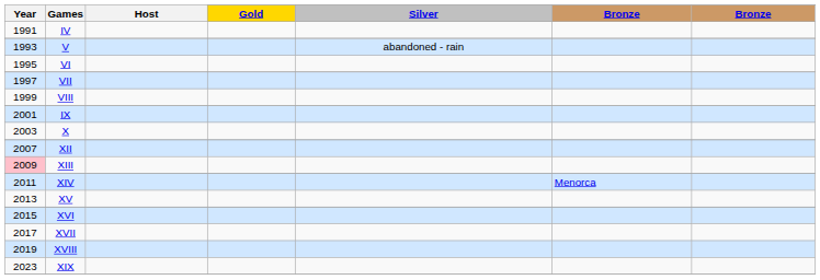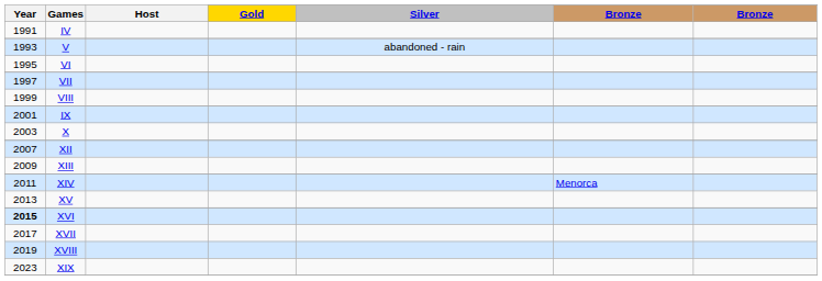 <table class="wikitable" style="text-align: center; font-size:95%;">
 <tr>
 <th rowspan="2" style="width:5%;">Year</th>
 <th rowspan="2" style="width:5%;">Games</th>
 <th rowspan="2" style="width:15%;">Host</th>
 </tr>
 <tr>
 <th style="background-color: gold"><a href='#'>Gold</a></th>
 <th style="background-color: silver"><a href='#'>Silver</a></th>
 <th style="background-color: #CC9966"><a href='#'>Bronze</a></th>
 <th style="background-color: #CC9966"><a href='#'>Bronze</a></th>
 </tr>
 <tr>
 <td>1991</td>
 <td align=center><a href='#'>IV</a></td>
 <td align="left"></td>
 <td align="left"></td>
 <td align="left"></td>
 <td align="left"></td>
 <td align="left"></td>
 </tr>
 <tr>
 </tr>
 <tr style="text-align:center; background:#d0e7ff;">
 <td>1993</td>
 <td align=center><a href='#'>V</a></td>
 <td align="left"></td>
 <td align="left"> <br> </td>
 <td>abandoned - rain</td>
 <td></td>
 <td></td>
 </tr>
 <tr>
 <td>1995</td>
 <td align=center><a href='#'>VI</a></td>
 <td align="left"></td>
 <td align="left"></td>
 <td align="left"></td>
 <td align="left"></td>
 <td align="left"></td>
 </tr>
 <tr>
 </tr>
 <tr style="text-align:center; background:#d0e7ff;">
 <td>1997</td>
 <td align=center><a href='#'>VII</a></td>
 <td align="left"></td>
 <td align="left"></td>
 <td align="left"></td>
 <td align="left"></td>
 <td align="left"></td>
 </tr>
 <tr>
 <td>1999</td>
 <td align=center><a href='#'>VIII</a></td>
 <td align="left"></td>
 <td align="left"></td>
 <td align="left"></td>
 <td align="left"></td>
 <td align="left"></td>
 </tr>
 <tr>
 </tr>
 <tr style="text-align:center; background:#d0e7ff;">
 <td>2001</td>
 <td align=center><a href='#'>IX</a></td>
 <td align="left"></td>
 <td align="left"> </td>
 <td align="left"> </td>
 <td align="left"> </td>
 <td align="left"> </td>
 </tr>
 <tr>
 <td>2003</td>
 <td align=center><a href='#'>X</a></td>
 <td align="left"></td>
 <td align="left"></td>
 <td align="left"></td>
 <td align="left"></td>
 <td align="left"></td>
 </tr>
 <tr>
 </tr>
 <tr style="text-align:center; background:#d0e7ff;">
 <td>2007</td>
 <td align=center><a href='#'>XII</a></td>
 <td align="left"></td>
 <td align="left"></td>
 <td align="left"></td>
 <td align="left"></td>
 <td align="left"></td>
 </tr>
 <tr>
-<td style="background: pink;">2009</td>
+<td>2009</td>
 <td align=center><a href='#'>XIII</a></td>
 <td align="left"></td>
 <td align="left"></td>
 <td align="left"></td>
 <td align="left"></td>
 <td align="left"></td>
 </tr>
 <tr>
 </tr>
 <tr style="text-align:center; background:#d0e7ff;">
 <td>2011</td>
 <td align=center><a href='#'>XIV</a></td>
 <td align="left"></td>
 <td align="left"></td>
 <td align="left"></td>
 <td align="left"> <a href='#'>Menorca</a></td>
 <td align="left"></td>
 </tr>
 <tr>
 <td>2013</td>
 <td align=center><a href='#'>XV</a></td>
 <td align="left"></td>
 <td align="left"></td>
 <td align="left"></td>
 <td align="left"></td>
 <td align="left"></td>
 </tr>
 <tr>
 </tr>
 <tr style="text-align:center; background:#d0e7ff;">
-<td>2015</td>
+<td><strong>2015</strong></td>
 <td align=center><a href='#'>XVI</a></td>
 <td align="left"></td>
 <td align="left"></td>
 <td align="left"></td>
 <td align="left"></td>
 <td align="left"></td>
 </tr>
 <tr>
 <td>2017</td>
 <td align=center><a href='#'>XVII</a></td>
 <td align="left"></td>
 <td align="left"></td>
 <td align="left"></td>
 <td align="left"></td>
 <td align="left"></td>
 </tr>
 <tr style="text-align:center; background:#d0e7ff;">
 <td>2019</td>
 <td align=center><a href='#'>XVIII</a></td>
 <td align="left"></td>
 <td align="left"></td>
 <td align="left"></td>
 <td align="left"></td>
 <td align="left"></td>
 </tr>
 <tr>
 <td>2023</td>
 <td align=center><a href='#'>XIX</a></td>
 <td align="left"></td>
 <td align="left"></td>
 <td align="left"></td>
 <td align="left"></td>
 <td align="left"></td>
 </tr>
 <tr>
 </tr>
 </table>
